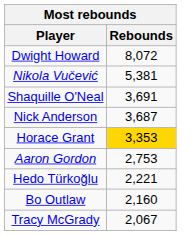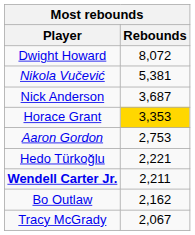 <table class="wikitable sortable" style="text-align:center">
 <tr>
 <th colspan="2" style="text-align:center; ">Most rebounds</th>
 </tr>
 <tr>
 <th style="text-align:center; ">Player</th>
 <th style="text-align:center; ">Rebounds</th>
 </tr>
 <tr>
 <td><a href='#'>Dwight Howard</a></td>
 <td>8,072</td>
 </tr>
 <tr>
 <td><em><a href='#'>Nikola Vučević</a></em></td>
 <td>5,381</td>
-</tr>
-<tr>
-<td><a href='#'>Shaquille O'Neal</a></td>
-<td>3,691</td>
 </tr>
 <tr>
 <td><a href='#'>Nick Anderson</a></td>
 <td>3,687</td>
 </tr>
 <tr>
 <td><a href='#'>Horace Grant</a></td>
 <td style="background: gold;">3,353</td>
 </tr>
 <tr>
 <td><em><a href='#'>Aaron Gordon</a></em></td>
 <td>2,753</td>
 </tr>
 <tr>
 <td><a href='#'>Hedo Türkoğlu</a></td>
 <td>2,221</td>
 </tr>
 <tr>
+<td><strong><a href='#'>Wendell Carter Jr.</a></strong></td>
+<td>2,211</td>
+</tr>
+<tr>
 <td><a href='#'>Bo Outlaw</a></td>
-<td>2,160</td>
+<td>2,162</td>
 </tr>
 <tr>
 <td><a href='#'>Tracy McGrady</a></td>
 <td>2,067</td>
 </tr>
 </table>
